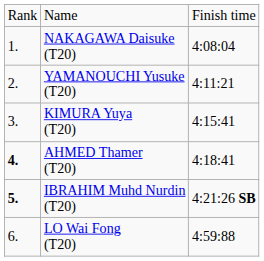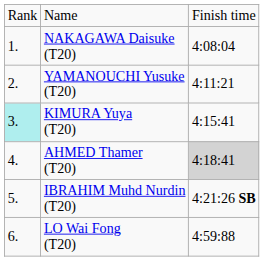 <table class="wikitable">
 <tr>
 <td>Rank</td>
 <td>Name</td>
 <td>Finish time</td>
 </tr>
 <tr>
 <td>1.</td>
 <td><a href='#'>NAKAGAWA Daisuke</a><br>(T20)<br></td>
 <td>4:08:04</td>
 </tr>
 <tr>
 <td>2.</td>
 <td><a href='#'>YAMANOUCHI Yusuke</a><br>(T20)<br></td>
 <td>4:11:21</td>
 </tr>
 <tr>
-<td>3.</td>
+<td style="background: paleturquoise;">3.</td>
 <td><a href='#'>KIMURA Yuya</a><br>(T20)<br></td>
 <td>4:15:41</td>
 </tr>
 <tr>
-<td><strong>4.</strong></td>
+<td>4.</td>
 <td><a href='#'>AHMED Thamer</a><br>(T20)<br></td>
-<td>4:18:41</td>
+<td style="background: lightgrey;">4:18:41</td>
 </tr>
 <tr>
-<td><strong>5.</strong></td>
+<td>5.</td>
 <td><a href='#'>IBRAHIM Muhd Nurdin</a><br>(T20)<br></td>
 <td>4:21:26 <strong>SB</strong></td>
 </tr>
 <tr>
 <td>6.</td>
 <td><a href='#'>LO Wai Fong</a><br>(T20)<br></td>
 <td>4:59:88</td>
 </tr>
 </table>
